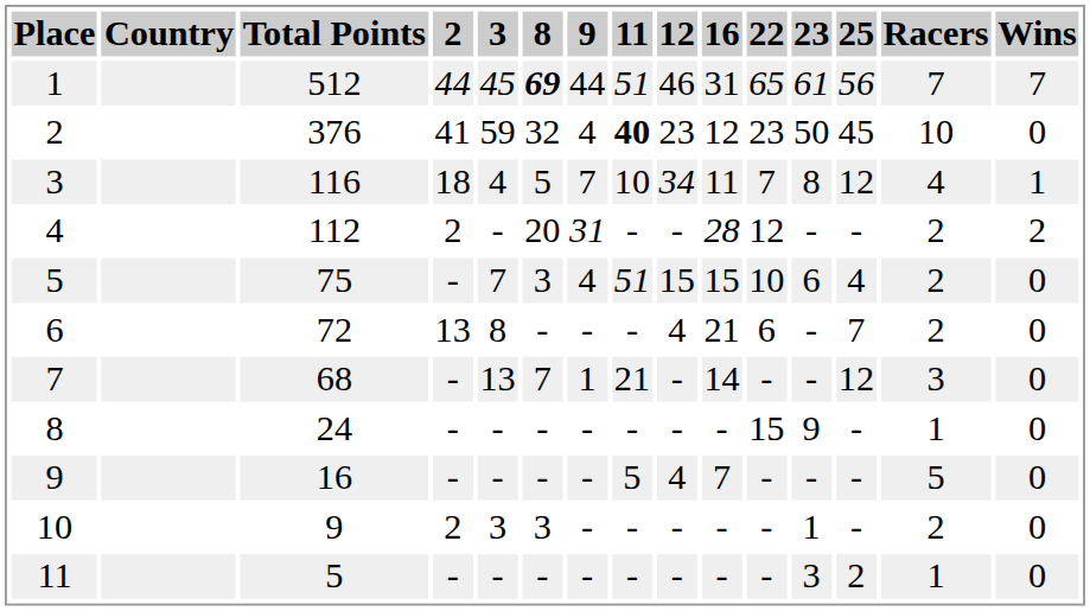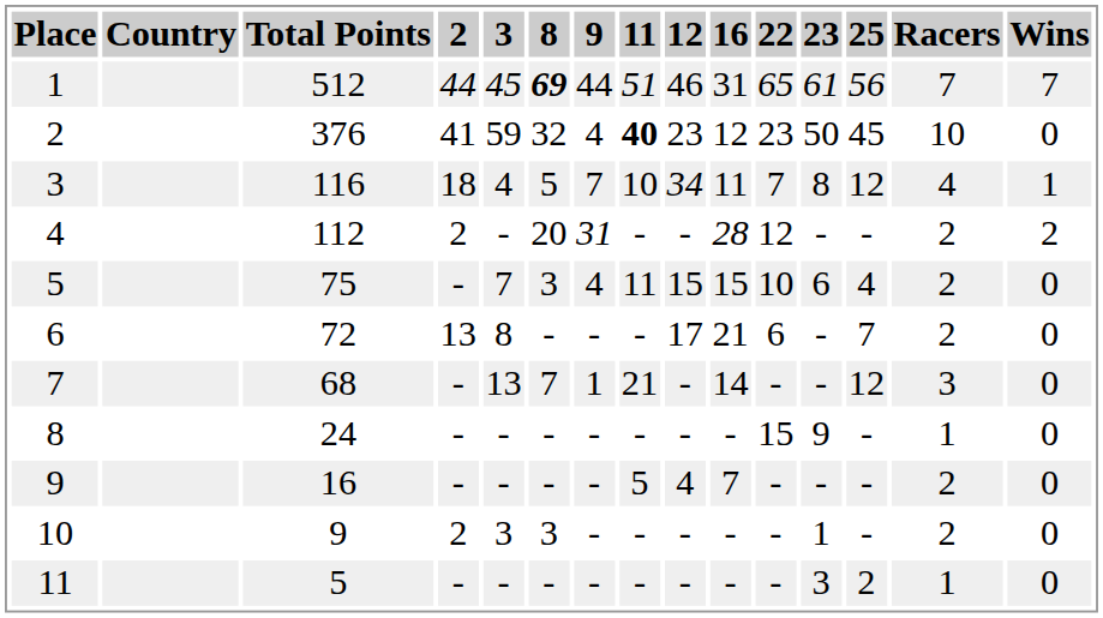 <table border="0" style="border: 1px solid #999; background-color:#FFFFFF; text-align:center">
 <tr align="center" bgcolor="#CCCCCC">
 <th>Place</th>
 <th>Country</th>
 <th>Total Points</th>
 <th>2</th>
 <th>3</th>
 <th>8</th>
 <th>9</th>
 <th>11</th>
 <th>12</th>
 <th>16</th>
 <th>22</th>
 <th>23</th>
 <th>25</th>
 <th>Racers</th>
 <th>Wins</th>
 </tr>
 <tr bgcolor="#EFEFEF">
 <td>1</td>
 <td align="left"></td>
 <td>512</td>
 <td><em>44</em></td>
 <td><em>45</em></td>
 <td><strong><em>69</em></strong></td>
 <td>44</td>
 <td><em>51</em></td>
 <td>46</td>
 <td>31</td>
 <td><em>65</em></td>
 <td><em>61</em></td>
 <td><em>56</em></td>
 <td>7</td>
 <td>7</td>
 </tr>
 <tr>
 <td>2</td>
 <td align="left"></td>
 <td>376</td>
 <td>41</td>
 <td>59</td>
 <td>32</td>
 <td>4</td>
 <td><strong>40</strong></td>
 <td>23</td>
 <td>12</td>
 <td>23</td>
 <td>50</td>
 <td>45</td>
 <td>10</td>
 <td>0</td>
 </tr>
 <tr bgcolor="#EFEFEF">
 <td>3</td>
 <td align="left"></td>
 <td>116</td>
 <td>18</td>
 <td>4</td>
 <td>5</td>
 <td>7</td>
 <td>10</td>
 <td><em>34</em></td>
 <td>11</td>
 <td>7</td>
 <td>8</td>
 <td>12</td>
 <td>4</td>
 <td>1</td>
 </tr>
 <tr>
 <td>4</td>
 <td align="left"></td>
 <td>112</td>
 <td>2</td>
 <td>-</td>
 <td>20</td>
 <td><em>31</em></td>
 <td>-</td>
 <td>-</td>
 <td><em>28</em></td>
 <td>12</td>
 <td>-</td>
 <td>-</td>
 <td>2</td>
 <td>2</td>
 </tr>
 <tr bgcolor="#EFEFEF">
 <td>5</td>
 <td align="left"></td>
 <td>75</td>
 <td>-</td>
 <td>7</td>
 <td>3</td>
 <td>4</td>
-<td><em>51</em></td>
+<td>11</td>
 <td>15</td>
 <td>15</td>
 <td>10</td>
 <td>6</td>
 <td>4</td>
 <td>2</td>
 <td>0</td>
 </tr>
 <tr>
 <td>6</td>
 <td align="left"></td>
 <td>72</td>
 <td>13</td>
 <td>8</td>
 <td>-</td>
 <td>-</td>
 <td>-</td>
-<td>4</td>
+<td>17</td>
 <td>21</td>
 <td>6</td>
 <td>-</td>
 <td>7</td>
 <td>2</td>
 <td>0</td>
 </tr>
 <tr bgcolor="#EFEFEF">
 <td>7</td>
 <td align="left"></td>
 <td>68</td>
 <td>-</td>
 <td>13</td>
 <td>7</td>
 <td>1</td>
 <td>21</td>
 <td>-</td>
 <td>14</td>
 <td>-</td>
 <td>-</td>
 <td>12</td>
 <td>3</td>
 <td>0</td>
 </tr>
 <tr>
 <td>8</td>
 <td align="left"></td>
 <td>24</td>
 <td>-</td>
 <td>-</td>
 <td>-</td>
 <td>-</td>
 <td>-</td>
 <td>-</td>
 <td>-</td>
 <td>15</td>
 <td>9</td>
 <td>-</td>
 <td>1</td>
 <td>0</td>
 </tr>
 <tr bgcolor="#EFEFEF">
 <td>9</td>
 <td align="left"></td>
 <td>16</td>
 <td>-</td>
 <td>-</td>
 <td>-</td>
 <td>-</td>
 <td>5</td>
 <td>4</td>
 <td>7</td>
 <td>-</td>
 <td>-</td>
 <td>-</td>
-<td>5</td>
+<td>2</td>
 <td>0</td>
 </tr>
 <tr>
 <td>10</td>
 <td align="left"></td>
 <td>9</td>
 <td>2</td>
 <td>3</td>
 <td>3</td>
 <td>-</td>
 <td>-</td>
 <td>-</td>
 <td>-</td>
 <td>-</td>
 <td>1</td>
 <td>-</td>
 <td>2</td>
 <td>0</td>
 </tr>
 <tr bgcolor="#EFEFEF">
 <td>11</td>
 <td align="left"></td>
 <td>5</td>
 <td>-</td>
 <td>-</td>
 <td>-</td>
 <td>-</td>
 <td>-</td>
 <td>-</td>
 <td>-</td>
 <td>-</td>
 <td>3</td>
 <td>2</td>
 <td>1</td>
 <td>0</td>
 </tr>
 </table>
